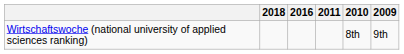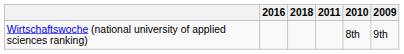 <table class="wikitable">
 <tr>
 <th></th>
+<th>2016</th>
 <th>2018</th>
-<th>2016</th>
 <th>2011</th>
 <th>2010</th>
 <th>2009</th>
 </tr>
 <tr>
 <td><a href='#'>Wirtschaftswoche</a> (national university of applied sciences ranking)</td>
 <td></td>
 <td></td>
 <td></td>
 <td>8th</td>
 <td>9th</td>
 </tr>
 </table>
